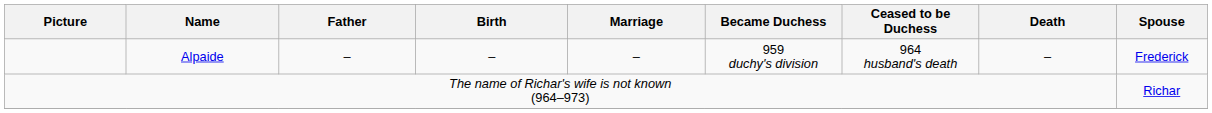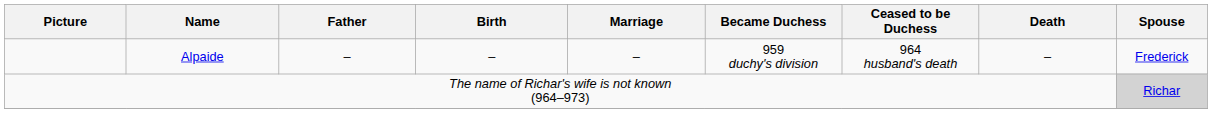 <table width=95% class="wikitable">
 <tr>
 <th width = "8%">Picture</th>
 <th width = "10%">Name</th>
 <th width = "9%">Father</th>
 <th width = "10%">Birth</th>
 <th width = "9%">Marriage</th>
 <th width = "9%">Became Duchess</th>
 <th width = "9%">Ceased to be Duchess</th>
 <th width = "9%">Death</th>
 <th width = "6%">Spouse</th>
 </tr>
 <tr>
 <td align="center"></td>
 <td align="center"><a href='#'>Alpaide</a></td>
 <td align="center">–</td>
 <td align="center">–</td>
 <td align="center">–</td>
 <td align="center">959<br><em>duchy's division</em></td>
 <td align="center">964<br><em>husband's death</em></td>
 <td align="center">–</td>
 <td align="center"><a href='#'>Frederick</a></td>
 </tr>
 <tr>
 <td align="center" colspan="8"><em>The name of Richar's wife is not known</em><br>(964–973)</td>
-<td align="center"><a href='#'>Richar</a></td>
+<td align="center" style="background: lightgrey;"><a href='#'>Richar</a></td>
 </tr>
 <tr>
 </tr>
 </table>
